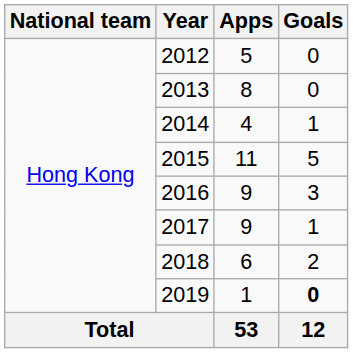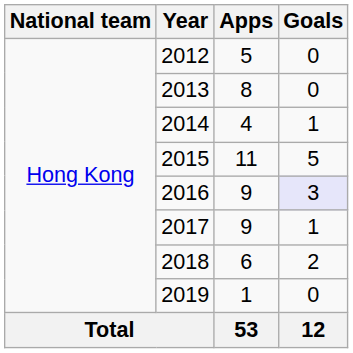 <table class="wikitable" style="text-align:center">
 <tr>
 <th>National team</th>
 <th>Year</th>
 <th>Apps</th>
 <th>Goals</th>
 </tr>
 <tr>
 <td rowspan="8"><a href='#'>Hong Kong</a></td>
 <td>2012</td>
 <td>5</td>
 <td>0</td>
 </tr>
 <tr>
 <td>2013</td>
 <td>8</td>
 <td>0</td>
 </tr>
 <tr>
 <td>2014</td>
 <td>4</td>
 <td>1</td>
 </tr>
 <tr>
 <td>2015</td>
 <td>11</td>
 <td>5</td>
 </tr>
 <tr>
 <td>2016</td>
 <td>9</td>
-<td>3</td>
+<td style="background: lavender;">3</td>
 </tr>
 <tr>
 <td>2017</td>
 <td>9</td>
 <td>1</td>
 </tr>
 <tr>
 <td>2018</td>
 <td>6</td>
 <td>2</td>
 </tr>
 <tr>
 <td>2019</td>
 <td>1</td>
-<td><strong>0</strong></td>
+<td>0</td>
 </tr>
 <tr>
 <th colspan=2>Total</th>
 <th>53</th>
 <th>12</th>
 </tr>
 </table>
